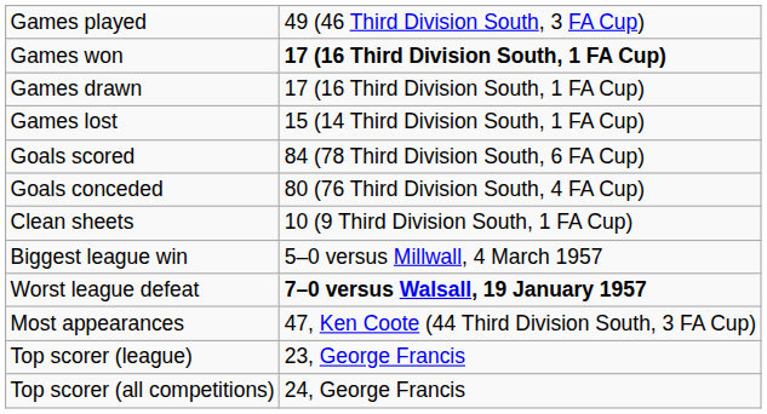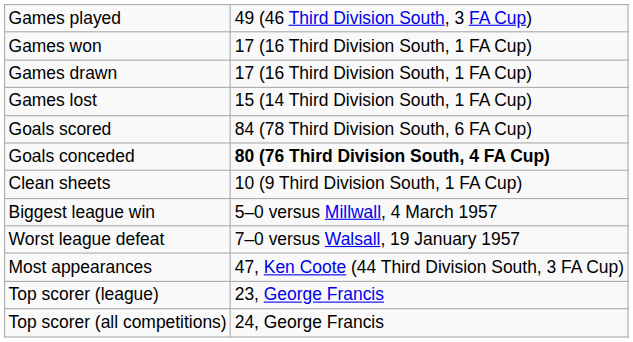 <table class="wikitable">
 <tr>
 <td>Games played</td>
 <td>49 (46 <a href='#'>Third Division South</a>, 3 <a href='#'>FA Cup</a>)</td>
 </tr>
 <tr>
 <td>Games won</td>
-<td><strong>17 (16 Third Division South, 1 FA Cup)</strong></td>
+<td>17 (16 Third Division South, 1 FA Cup)</td>
 </tr>
 <tr>
 <td>Games drawn</td>
 <td>17 (16 Third Division South, 1 FA Cup)</td>
 </tr>
 <tr>
 <td>Games lost</td>
 <td>15 (14 Third Division South, 1 FA Cup)</td>
 </tr>
 <tr>
 <td>Goals scored</td>
 <td>84 (78 Third Division South, 6 FA Cup)</td>
 </tr>
 <tr>
 <td>Goals conceded</td>
-<td>80 (76 Third Division South, 4 FA Cup)</td>
+<td><strong>80 (76 Third Division South, 4 FA Cup)</strong></td>
 </tr>
 <tr>
 <td>Clean sheets</td>
 <td>10 (9 Third Division South, 1 FA Cup)</td>
 </tr>
 <tr>
 <td>Biggest league win</td>
 <td>5–0 versus <a href='#'>Millwall</a>, 4 March 1957</td>
 </tr>
 <tr>
 <td>Worst league defeat</td>
-<td><strong>7–0 versus <a href='#'>Walsall</a>, 19 January 1957</strong></td>
+<td>7–0 versus <a href='#'>Walsall</a>, 19 January 1957</td>
 </tr>
 <tr>
 <td>Most appearances</td>
 <td>47, <a href='#'>Ken Coote</a> (44 Third Division South, 3 FA Cup)</td>
 </tr>
 <tr>
 <td>Top scorer (league)</td>
 <td>23, <a href='#'>George Francis</a></td>
 </tr>
 <tr>
 <td>Top scorer (all competitions)</td>
 <td>24, George Francis</td>
 </tr>
 </table>
